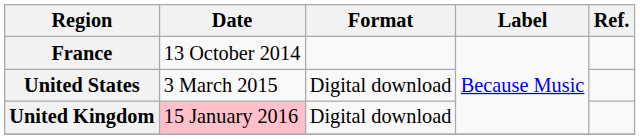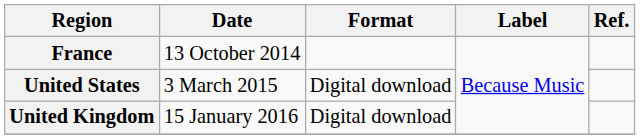 <table class="wikitable plainrowheaders">
 <tr>
 <th scope="col">Region</th>
 <th scope="col">Date</th>
 <th scope="col">Format</th>
 <th scope="col">Label</th>
 <th scope="col">Ref.</th>
 </tr>
 <tr>
 <th scope="row">France</th>
 <td>13 October 2014</td>
 <td></td>
 <td rowspan="3"><a href='#'>Because Music</a></td>
 <td></td>
 </tr>
 <tr>
 <th scope="row">United States</th>
 <td>3 March 2015</td>
 <td>Digital download</td>
 <td></td>
 </tr>
 <tr>
 <th scope="row">United Kingdom</th>
-<td style="background: pink;">15 January 2016</td>
+<td>15 January 2016</td>
 <td>Digital download</td>
 <td></td>
 </tr>
 <tr>
 </tr>
 </table>
